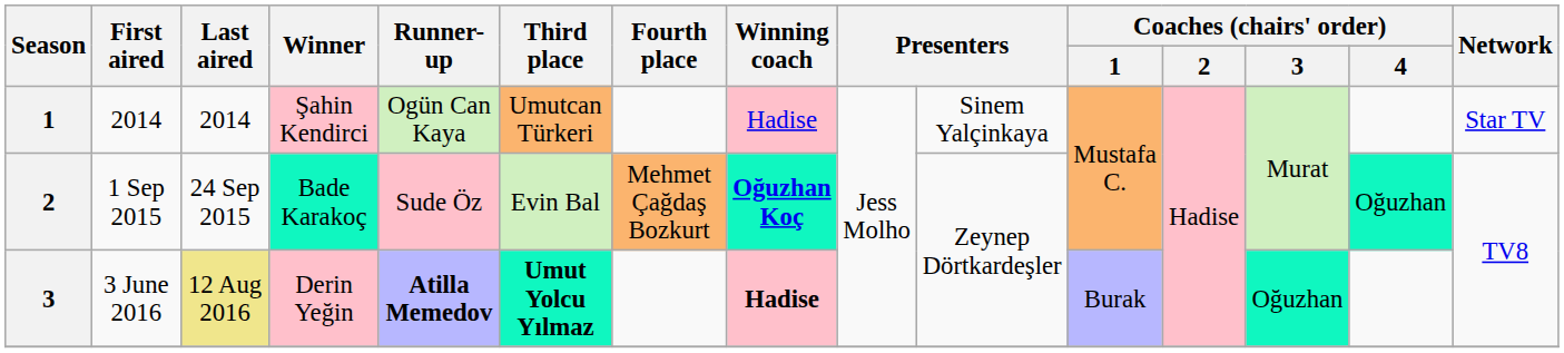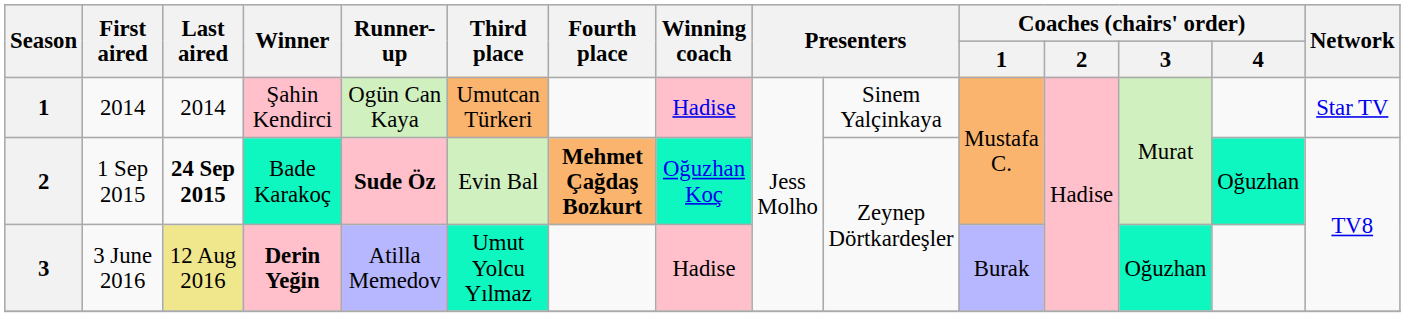 <table class="wikitable" style="text-align:center; font-size:90%; line-height:16px; width:100%">
 <tr>
 <th rowspan="2" scope="col" width="1%">Season</th>
 <th rowspan="2" scope="col" width="8%">First aired</th>
 <th rowspan="2" scope="col" width="8%">Last aired</th>
 <th rowspan="2" scope="col" width="8%">Winner</th>
 <th rowspan="2" scope="col" width="8%">Runner-up</th>
 <th rowspan="2" scope="col" width="8%">Third place</th>
 <th rowspan="2" scope="col" width="9.5%">Fourth place</th>
 <th rowspan="2" scope="col" width="7%">Winning coach</th>
 <th rowspan="2" colspan="2" width="14%">Presenters</th>
 <th colspan="4" scope="col" width="20%">Coaches (chairs' order)</th>
 <th rowspan="2" scope="col" width="5%">Network</th>
 </tr>
 <tr>
 <th width="5.5%">1</th>
 <th width="5.5%">2</th>
 <th width="5.5%">3</th>
 <th width="5.5%">4</th>
 </tr>
 <tr>
 <th>1</th>
 <td> 2014</td>
 <td> 2014</td>
 <td style="background:pink">Şahin Kendirci</td>
 <td style="background:#d0f0c0">Ogün Can Kaya</td>
 <td style="background:#fbb46e">Umutcan Türkeri</td>
 <td></td>
 <td style="background:pink"><a href='#'>Hadise</a></td>
 <td rowspan="3">Jess Molho</td>
 <td>Sinem Yalçinkaya</td>
 <td rowspan="2" style="background:#fbb46e">Mustafa C.</td>
 <td rowspan="3" style="background:pink">Hadise</td>
 <td rowspan="2" style="background:#d0f0c0">Murat</td>
 <td></td>
 <td><a href='#'>Star TV</a></td>
 </tr>
 <tr>
 <th>2</th>
 <td>1 Sep 2015</td>
-<td>24 Sep 2015</td>
+<td><strong>24 Sep 2015</strong></td>
 <td style="background:#0ff7c0">Bade Karakoç</td>
-<td style="background:pink">Sude Öz</td>
+<td style="background:pink"><strong>Sude Öz</strong></td>
 <td style="background:#d0f0c0">Evin Bal</td>
-<td style="background:#fbb46e">Mehmet Çağdaş Bozkurt</td>
-<td style="background:#0ff7c0"><strong><a href='#'>Oğuzhan Koç</a></strong></td>
+<td style="background:#fbb46e"><strong>Mehmet Çağdaş Bozkurt</strong></td>
+<td style="background:#0ff7c0"><a href='#'>Oğuzhan Koç</a></td>
 <td rowspan="2">Zeynep Dörtkardeşler</td>
 <td style="background:#0ff7c0">Oğuzhan</td>
 <td rowspan="2"><a href='#'>TV8</a></td>
 </tr>
 <tr>
 <th>3</th>
 <td>3 June 2016</td>
 <td style="background: khaki;">12 Aug 2016</td>
-<td style="background:pink">Derin Yeğin</td>
-<td style="background:#b7b7ff"><strong>Atilla Memedov</strong></td>
-<td style="background:#0ff7c0"><strong>Umut Yolcu Yılmaz</strong></td>
+<td style="background:pink"><strong>Derin Yeğin</strong></td>
+<td style="background:#b7b7ff">Atilla Memedov</td>
+<td style="background:#0ff7c0">Umut Yolcu Yılmaz</td>
 <td></td>
-<td style="background:pink"><strong>Hadise</strong></td>
+<td style="background:pink">Hadise</td>
 <td style="background:#b7b7ff">Burak</td>
 <td style="background:#0ff7c0">Oğuzhan</td>
 <td></td>
 </tr>
 <tr>
 </tr>
 </table>
